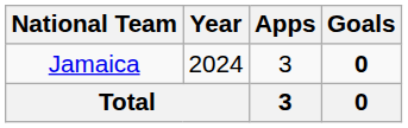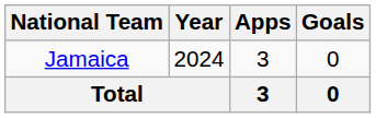 <table class="wikitable" style="text-align:center">
 <tr>
 <th>National Team</th>
 <th>Year</th>
 <th>Apps</th>
 <th>Goals</th>
 </tr>
 <tr>
 <td rowspan="1"><a href='#'>Jamaica</a></td>
 <td>2024</td>
 <td>3</td>
-<td><strong>0</strong></td>
+<td>0</td>
 </tr>
 <tr>
 <th colspan="2">Total</th>
 <th>3</th>
 <th>0</th>
 </tr>
 </table>
